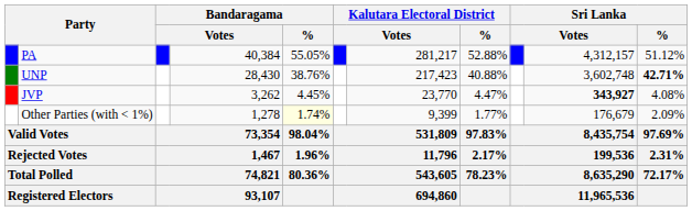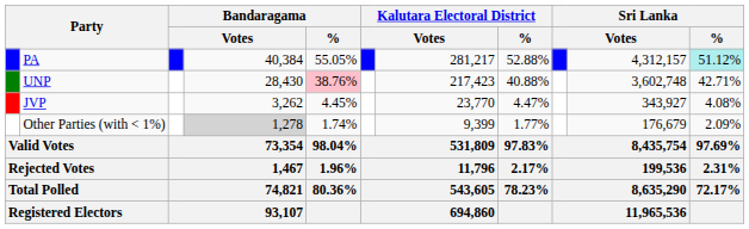 <table class="wikitable">
 <tr>
 <th colspan="2" width="144px"rowspan="2">Party</th>
 <th colspan="3" width="216px">Bandaragama</th>
 <th colspan="3" width="216px"><a href='#'>Kalutara Electoral District</a></th>
 <th colspan="3" width="216px">Sri Lanka</th>
 </tr>
 <tr>
 <th colspan="2" width="144px">Votes</th>
 <th>%</th>
 <th colspan="2" width="144px">Votes</th>
 <th>%</th>
 <th colspan="2" width="144px">Votes</th>
 <th>%</th>
 </tr>
 <tr>
 <td style="background-color:blue;" width="10px"></td>
 <td style="text-align:left;"><a href='#'>PA</a></td>
 <td style="background-color:blue;" width="10px"></td>
 <td style="text-align:right;">40,384</td>
 <td style="text-align:right;">55.05%</td>
 <td style="background-color:blue;" width="10px"></td>
 <td style="text-align:right;">281,217</td>
 <td style="text-align:right;">52.88%</td>
 <td style="background-color:blue;" width="10px"></td>
 <td style="text-align:right;">4,312,157</td>
-<td style="text-align:right;">51.12%</td>
+<td style="background: paleturquoise; text-align:right;">51.12%</td>
 </tr>
 <tr>
 <td style="background-color:green;" width="10px"></td>
 <td style="text-align:left;"><a href='#'>UNP</a></td>
 <td style="background-color:white;" width="10px"></td>
 <td style="text-align:right;">28,430</td>
-<td style="text-align:right;">38.76%</td>
+<td style="background: pink; text-align:right;">38.76%</td>
 <td style="background-color:white;" width="10px"></td>
 <td style="text-align:right;">217,423</td>
 <td style="text-align:right;">40.88%</td>
 <td style="background-color:white;" width="10px"></td>
 <td style="text-align:right;">3,602,748</td>
-<td style="text-align:right;"><strong>42.71%</strong></td>
+<td style="text-align:right;">42.71%</td>
 </tr>
 <tr>
 <td style="background-color:red;" width="10px"></td>
 <td style="text-align:left;"><a href='#'>JVP</a></td>
 <td style="background-color:white;" width="10px"></td>
 <td style="text-align:right;">3,262</td>
 <td style="text-align:right;">4.45%</td>
 <td style="background-color:white;" width="10px"></td>
 <td style="text-align:right;">23,770</td>
 <td style="text-align:right;">4.47%</td>
 <td style="background-color:white;" width="10px"></td>
-<td style="text-align:right;"><strong>343,927</strong></td>
+<td style="text-align:right;">343,927</td>
 <td style="text-align:right;">4.08%</td>
 </tr>
 <tr>
 <td style="background-color:white;" width="10px"></td>
 <td style="text-align:left;">Other Parties (with < 1%)</td>
 <td style="background-color:white;" width="10px"></td>
-<td style="text-align:right;">1,278</td>
-<td style="background: lightyellow; text-align:right;">1.74%</td>
+<td style="background: lightgrey; text-align:right;">1,278</td>
+<td style="text-align:right;">1.74%</td>
 <td style="background-color:white;" width="10px"></td>
 <td style="text-align:right;">9,399</td>
 <td style="text-align:right;">1.77%</td>
 <td style="background-color:white;" width="10px"></td>
 <td style="text-align:right;">176,679</td>
 <td style="text-align:right;">2.09%</td>
 </tr>
 <tr>
 <th colspan="2" width="144px"style="text-align:left;">Valid Votes</th>
 <th style="text-align:right;"colspan="2" width="144px">73,354</th>
 <th style="text-align:right;">98.04%</th>
 <th style="text-align:right;"colspan="2" width="144px">531,809</th>
 <th style="text-align:right;">97.83%</th>
 <th style="text-align:right;"colspan="2" width="144px">8,435,754</th>
 <th style="text-align:right;">97.69%</th>
 </tr>
 <tr>
 <th colspan="2" width="144px"style="text-align:left;">Rejected Votes</th>
 <th style="text-align:right;"colspan="2" width="144px">1,467</th>
 <th style="text-align:right;">1.96%</th>
 <th style="text-align:right;"colspan="2" width="144px">11,796</th>
 <th style="text-align:right;">2.17%</th>
 <th style="text-align:right;"colspan="2" width="144px">199,536</th>
 <th style="text-align:right;">2.31%</th>
 </tr>
 <tr>
 <th colspan="2" width="144px"style="text-align:left;">Total Polled</th>
 <th style="text-align:right;"colspan="2" width="144px">74,821</th>
 <th style="text-align:right;">80.36%</th>
 <th style="text-align:right;"colspan="2" width="144px">543,605</th>
 <th style="text-align:right;">78.23%</th>
 <th style="text-align:right;"colspan="2" width="144px">8,635,290</th>
 <th style="text-align:right;">72.17%</th>
 </tr>
 <tr>
 <th colspan="2" width="144px"style="text-align:left;">Registered Electors</th>
 <th style="text-align:right;"colspan="2" width="144px">93,107</th>
 <th></th>
 <th style="text-align:right;"colspan="2" width="144px">694,860</th>
 <th></th>
 <th style="text-align:right;"colspan="2" width="144px">11,965,536</th>
 <th></th>
 </tr>
 </table>
